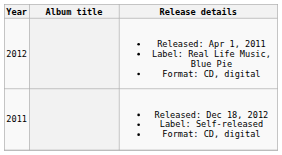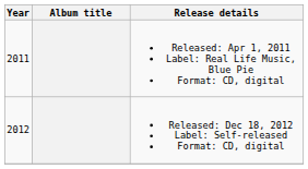 <table class="wikitable plainrowheaders" style="text-align:center;">
 <tr>
 <th>Year</th>
 <th scope="col" rowspan="1" style="width:10em;">Album title</th>
 <th scope="col" rowspan="1" style="width:18em;">Release details</th>
 </tr>
 <tr>
-<td>2012</td>
+<td>2011</td>
 <th></th>
 <td><br><ul><li>Released: Apr 1, 2011</li><li>Label: Real Life Music, Blue Pie</li><li>Format: CD, digital</li></ul></td>
 </tr>
 <tr>
-<td>2011</td>
+<td>2012</td>
 <th></th>
 <td><br><ul><li>Released: Dec 18, 2012</li><li>Label: Self-released</li><li>Format: CD, digital</li></ul></td>
 </tr>
 <tr>
 </tr>
 </table>
